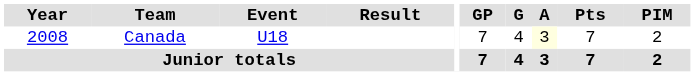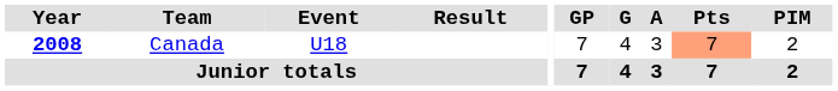 <table border="0" cellpadding="1" cellspacing="0" ID="Table3" style="text-align:center; width:40em">
 <tr ALIGN="center" bgcolor="#e0e0e0">
 <th>Year</th>
 <th>Team</th>
 <th>Event</th>
 <th>Result</th>
 <th rowspan="99" bgcolor="#ffffff"></th>
 <th>GP</th>
 <th>G</th>
 <th>A</th>
 <th>Pts</th>
 <th>PIM</th>
 </tr>
 <tr>
-<td><a href='#'>2008</a></td>
+<td><strong><a href='#'>2008</a></strong></td>
 <td><a href='#'>Canada</a></td>
 <td><a href='#'>U18</a></td>
 <td></td>
 <td>7</td>
 <td>4</td>
-<td style="background: lightyellow;">3</td>
-<td>7</td>
+<td>3</td>
+<td style="background: lightsalmon;">7</td>
 <td>2</td>
 </tr>
 <tr bgcolor="#e0e0e0">
 <th colspan=4>Junior totals</th>
 <th>7</th>
 <th>4</th>
 <th>3</th>
 <th>7</th>
 <th>2</th>
 </tr>
 </table>
